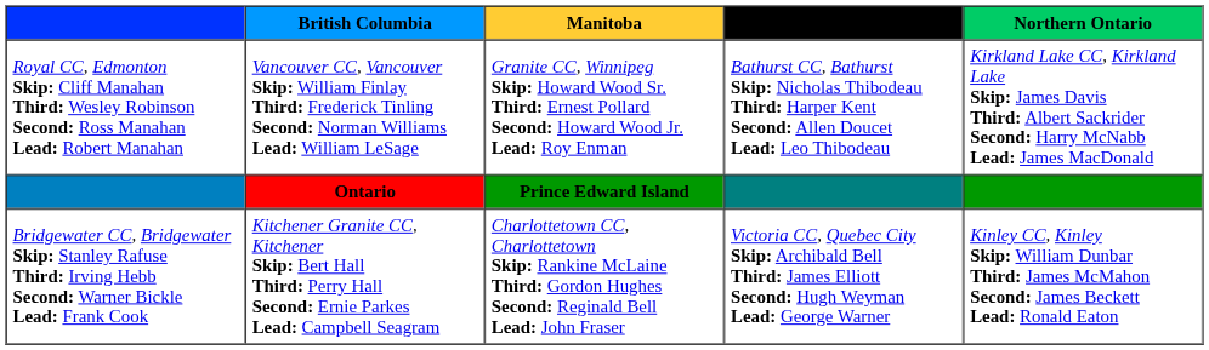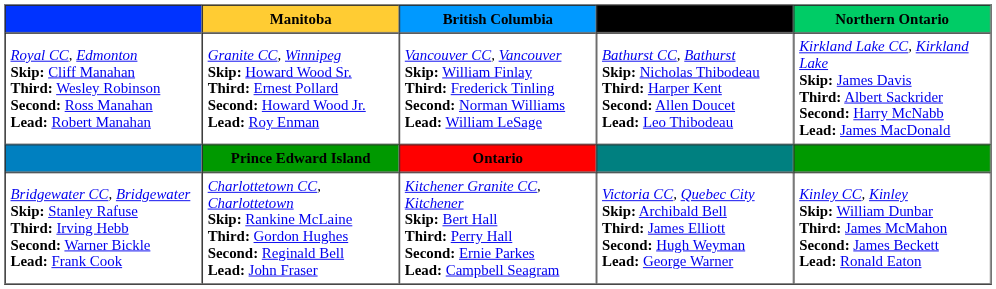 <table - border=1 cellpadding=5 cellspacing=0>
 <tr>
 <th bgcolor=#0033FF width=200></th>
+<th style="background:#FFCC33; width:200px;">Manitoba</th>
 <th style="background:#09f; width:200px;">British Columbia</th>
-<th style="background:#FFCC33; width:200px;">Manitoba</th>
 <th bgcolor=#000000 width=200></th>
 <th style="background:#0c6; width:200px;">Northern Ontario</th>
 </tr>
 <tr>
 <td><em><a href='#'>Royal CC</a>, <a href='#'>Edmonton</a></em><br><strong>Skip:</strong> <a href='#'>Cliff Manahan</a><br> <strong>Third:</strong> <a href='#'>Wesley Robinson</a><br> <strong>Second:</strong> <a href='#'>Ross Manahan</a><br> <strong>Lead:</strong> <a href='#'>Robert Manahan</a></td>
+<td><em><a href='#'>Granite CC</a>, <a href='#'>Winnipeg</a></em><br><strong>Skip:</strong> <a href='#'>Howard Wood Sr.</a><br> <strong>Third:</strong> <a href='#'>Ernest Pollard</a><br> <strong>Second:</strong> <a href='#'>Howard Wood Jr.</a><br> <strong>Lead:</strong> <a href='#'>Roy Enman</a></td>
 <td><em><a href='#'>Vancouver CC</a>, <a href='#'>Vancouver</a></em><br><strong>Skip:</strong> <a href='#'>William Finlay</a><br> <strong>Third:</strong> <a href='#'>Frederick Tinling</a><br> <strong>Second:</strong> <a href='#'>Norman Williams</a><br> <strong>Lead:</strong> <a href='#'>William LeSage</a></td>
-<td><em><a href='#'>Granite CC</a>, <a href='#'>Winnipeg</a></em><br><strong>Skip:</strong> <a href='#'>Howard Wood Sr.</a><br> <strong>Third:</strong> <a href='#'>Ernest Pollard</a><br> <strong>Second:</strong> <a href='#'>Howard Wood Jr.</a><br> <strong>Lead:</strong> <a href='#'>Roy Enman</a></td>
 <td><em><a href='#'>Bathurst CC</a>, <a href='#'>Bathurst</a></em><br><strong>Skip:</strong> <a href='#'>Nicholas Thibodeau</a><br> <strong>Third:</strong> <a href='#'>Harper Kent</a><br> <strong>Second:</strong> <a href='#'>Allen Doucet</a><br> <strong>Lead:</strong> <a href='#'>Leo Thibodeau</a></td>
 <td><em><a href='#'>Kirkland Lake CC</a>, <a href='#'>Kirkland Lake</a></em><br><strong>Skip:</strong> <a href='#'>James Davis</a><br> <strong>Third:</strong> <a href='#'>Albert Sackrider</a><br> <strong>Second:</strong> <a href='#'>Harry McNabb</a><br> <strong>Lead:</strong> <a href='#'>James MacDonald</a></td>
 </tr>
 <tr border=1 cellpadding=5 cellspacing=0>
 <th bgcolor=#0080C0 width=200></th>
+<th style="background:#090; width:200px;">Prince Edward Island</th>
 <th bgcolor=#FF0000 width=200>Ontario</th>
-<th style="background:#090; width:200px;">Prince Edward Island</th>
 <th style="background:#008080; width:200px;"></th>
 <th bgcolor=#009900 width=200></th>
 </tr>
 <tr>
 <td><em><a href='#'>Bridgewater CC</a>, <a href='#'>Bridgewater</a></em><br><strong>Skip:</strong> <a href='#'>Stanley Rafuse</a><br> <strong>Third:</strong> <a href='#'>Irving Hebb</a><br> <strong>Second:</strong> <a href='#'>Warner Bickle</a><br> <strong>Lead:</strong> <a href='#'>Frank Cook</a></td>
+<td><em><a href='#'>Charlottetown CC</a>, <a href='#'>Charlottetown</a></em><br><strong>Skip:</strong> <a href='#'>Rankine McLaine</a><br> <strong>Third:</strong> <a href='#'>Gordon Hughes</a><br> <strong>Second:</strong> <a href='#'>Reginald Bell</a><br> <strong>Lead:</strong> <a href='#'>John Fraser</a></td>
 <td><em><a href='#'>Kitchener Granite CC</a>, <a href='#'>Kitchener</a></em><br><strong>Skip:</strong> <a href='#'>Bert Hall</a><br> <strong>Third:</strong> <a href='#'>Perry Hall</a><br> <strong>Second:</strong> <a href='#'>Ernie Parkes</a><br> <strong>Lead:</strong> <a href='#'>Campbell Seagram</a></td>
-<td><em><a href='#'>Charlottetown CC</a>, <a href='#'>Charlottetown</a></em><br><strong>Skip:</strong> <a href='#'>Rankine McLaine</a><br> <strong>Third:</strong> <a href='#'>Gordon Hughes</a><br> <strong>Second:</strong> <a href='#'>Reginald Bell</a><br> <strong>Lead:</strong> <a href='#'>John Fraser</a></td>
 <td><em><a href='#'>Victoria CC</a>, <a href='#'>Quebec City</a></em><br><strong>Skip:</strong> <a href='#'>Archibald Bell</a><br> <strong>Third:</strong> <a href='#'>James Elliott</a><br> <strong>Second:</strong> <a href='#'>Hugh Weyman</a><br> <strong>Lead:</strong> <a href='#'>George Warner</a></td>
 <td><em><a href='#'>Kinley CC</a>, <a href='#'>Kinley</a></em><br><strong>Skip:</strong> <a href='#'>William Dunbar</a><br> <strong>Third:</strong> <a href='#'>James McMahon</a><br> <strong>Second:</strong> <a href='#'>James Beckett</a><br> <strong>Lead:</strong> <a href='#'>Ronald Eaton</a></td>
 </tr>
 </table>
